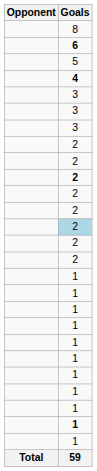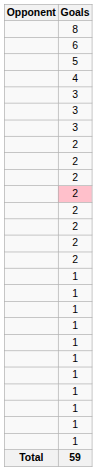 <table class="wikitable sortable">
 <tr>
 <th>Opponent</th>
 <th>Goals</th>
 </tr>
 <tr>
 <td></td>
 <td align=center>8</td>
 </tr>
 <tr>
 <td></td>
-<td align=center><strong>6</strong></td>
+<td align=center>6</td>
 </tr>
 <tr>
 <td></td>
 <td align=center>5</td>
 </tr>
 <tr>
 <td></td>
-<td align=center><strong>4</strong></td>
+<td align=center>4</td>
 </tr>
 <tr>
 <td></td>
 <td align=center>3</td>
 </tr>
 <tr>
 <td></td>
 <td align=center>3</td>
 </tr>
 <tr>
 <td></td>
 <td align=center>3</td>
 </tr>
 <tr>
 <td></td>
 <td align=center>2</td>
 </tr>
 <tr>
 <td></td>
 <td align=center>2</td>
 </tr>
 <tr>
 <td></td>
-<td align=center><strong>2</strong></td>
+<td align=center>2</td>
+</tr>
+<tr>
+<td></td>
+<td align=center style="background: pink;">2</td>
 </tr>
 <tr>
 <td></td>
 <td align=center>2</td>
 </tr>
 <tr>
 <td></td>
 <td align=center>2</td>
-</tr>
-<tr>
-<td></td>
-<td align=center style="background: lightblue;">2</td>
 </tr>
 <tr>
 <td></td>
 <td align=center>2</td>
 </tr>
 <tr>
 <td></td>
 <td align=center>2</td>
 </tr>
 <tr>
 <td></td>
 <td align=center>1</td>
 </tr>
 <tr>
 <td></td>
 <td align=center>1</td>
 </tr>
 <tr>
 <td></td>
 <td align=center>1</td>
 </tr>
 <tr>
 <td></td>
 <td align=center>1</td>
 </tr>
 <tr>
 <td></td>
 <td align=center>1</td>
 </tr>
 <tr>
 <td></td>
 <td align=center>1</td>
 </tr>
 <tr>
 <td></td>
 <td align=center>1</td>
 </tr>
 <tr>
 <td></td>
 <td align=center>1</td>
 </tr>
 <tr>
 <td></td>
 <td align=center>1</td>
 </tr>
 <tr>
 <td></td>
-<td align=center><strong>1</strong></td>
+<td align=center>1</td>
 </tr>
 <tr>
 <td></td>
 <td align=center>1</td>
 </tr>
 <tr>
 <th>Total</th>
 <th>59</th>
 </tr>
 </table>
